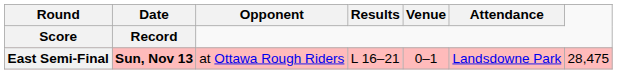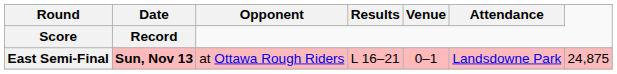 <table class="wikitable" style="text-align:center">
 <tr>
 <th>Round</th>
 <th>Date</th>
 <th>Opponent</th>
 <th>Results</th>
 <th>Venue</th>
 <th>Attendance</th>
 </tr>
 <tr>
 <th>Score</th>
 <th>Record</th>
 </tr>
 <tr style="background:#ffbbbb">
 <th>East Semi-Final</th>
 <td><strong>Sun, Nov 13</strong></td>
 <td>at <a href='#'>Ottawa Rough Riders</a></td>
 <td>L 16–21</td>
 <td>0–1</td>
 <td><a href='#'>Landsdowne Park</a></td>
-<td>28,475</td>
+<td>24,875</td>
 </tr>
 </table>
